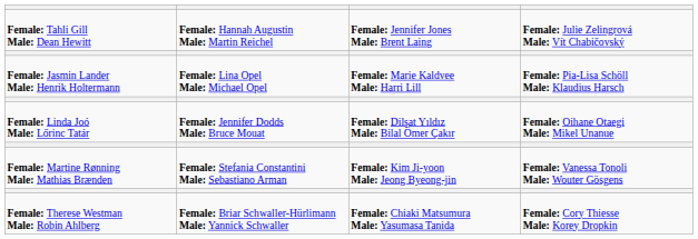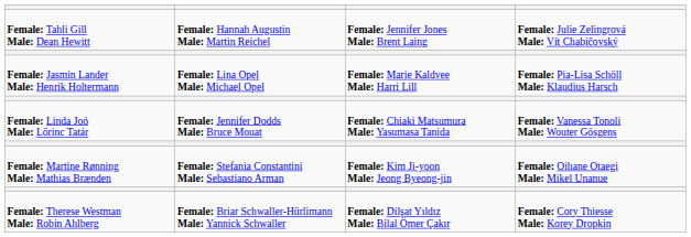 <table class="wikitable">
 <tr>
 <th width=250></th>
 <th width=250></th>
 <th width=250></th>
 <th width=250></th>
 </tr>
 <tr>
 <td><br><strong>Female:</strong> <a href='#'>Tahli Gill</a><br> <strong>Male:</strong> <a href='#'>Dean Hewitt</a></td>
 <td><br><strong>Female:</strong> <a href='#'>Hannah Augustin</a><br> <strong>Male:</strong> <a href='#'>Martin Reichel</a></td>
 <td><br><strong>Female:</strong> <a href='#'>Jennifer Jones</a><br> <strong>Male:</strong> <a href='#'>Brent Laing</a></td>
 <td><br><strong>Female:</strong> <a href='#'>Julie Zelingrová</a><br> <strong>Male:</strong> <a href='#'>Vít Chabičovský</a></td>
 </tr>
 <tr>
 <th width=250></th>
 <th width=250></th>
 <th width=250></th>
 <th width=250></th>
 </tr>
 <tr>
 <td><br><strong>Female:</strong> <a href='#'>Jasmin Lander</a><br> <strong>Male:</strong> <a href='#'>Henrik Holtermann</a></td>
 <td><br><strong>Female:</strong> <a href='#'>Lina Opel</a><br> <strong>Male:</strong> <a href='#'>Michael Opel</a></td>
 <td><br><strong>Female:</strong> <a href='#'>Marie Kaldvee</a><br> <strong>Male:</strong> <a href='#'>Harri Lill</a></td>
 <td><br><strong>Female:</strong> <a href='#'>Pia-Lisa Schöll</a><br> <strong>Male:</strong> <a href='#'>Klaudius Harsch</a></td>
 </tr>
 <tr>
 <th width=250></th>
 <th width=250></th>
 <th width=250></th>
 <th width=250></th>
 </tr>
 <tr>
 <td><br><strong>Female:</strong> <a href='#'>Linda Joó</a><br> <strong>Male:</strong> <a href='#'>Lőrinc Tatár</a></td>
 <td><br><strong>Female:</strong> <a href='#'>Jennifer Dodds</a><br> <strong>Male:</strong> <a href='#'>Bruce Mouat</a></td>
-<td><br><strong>Female:</strong> <a href='#'>Dilşat Yıldız</a><br> <strong>Male:</strong> <a href='#'>Bilal Ömer Çakır</a></td>
-<td><br><strong>Female:</strong> <a href='#'>Oihane Otaegi</a><br> <strong>Male:</strong> <a href='#'>Mikel Unanue</a></td>
+<td><br><strong>Female:</strong> <a href='#'>Chiaki Matsumura</a><br> <strong>Male:</strong> <a href='#'>Yasumasa Tanida</a></td>
+<td><br><strong>Female:</strong> <a href='#'>Vanessa Tonoli</a><br> <strong>Male:</strong> <a href='#'>Wouter Gösgens</a></td>
 </tr>
 <tr>
 <th width=250></th>
 <th width=250></th>
 <th width=250></th>
 <th width=250></th>
 </tr>
 <tr>
 <td><br><strong>Female:</strong> <a href='#'>Martine Rønning</a><br> <strong>Male:</strong> <a href='#'>Mathias Brænden</a></td>
 <td><br><strong>Female:</strong> <a href='#'>Stefania Constantini</a><br> <strong>Male:</strong> <a href='#'>Sebastiano Arman</a></td>
 <td><br><strong>Female:</strong> <a href='#'>Kim Ji-yoon</a><br> <strong>Male:</strong> <a href='#'>Jeong Byeong-jin</a></td>
-<td><br><strong>Female:</strong> <a href='#'>Vanessa Tonoli</a><br> <strong>Male:</strong> <a href='#'>Wouter Gösgens</a></td>
+<td><br><strong>Female:</strong> <a href='#'>Oihane Otaegi</a><br> <strong>Male:</strong> <a href='#'>Mikel Unanue</a></td>
 </tr>
 <tr>
 <th width=250></th>
 <th width=250></th>
 <th width=250></th>
 <th width=250></th>
 </tr>
 <tr>
 <td><br><strong>Female:</strong> <a href='#'>Therese Westman</a><br> <strong>Male:</strong> <a href='#'>Robin Ahlberg</a></td>
 <td><br><strong>Female:</strong> <a href='#'>Briar Schwaller-Hürlimann</a><br> <strong>Male:</strong> <a href='#'>Yannick Schwaller</a></td>
-<td><br><strong>Female:</strong> <a href='#'>Chiaki Matsumura</a><br> <strong>Male:</strong> <a href='#'>Yasumasa Tanida</a></td>
+<td><br><strong>Female:</strong> <a href='#'>Dilşat Yıldız</a><br> <strong>Male:</strong> <a href='#'>Bilal Ömer Çakır</a></td>
 <td><br><strong>Female:</strong> <a href='#'>Cory Thiesse</a><br> <strong>Male:</strong> <a href='#'>Korey Dropkin</a></td>
 </tr>
 </table>
